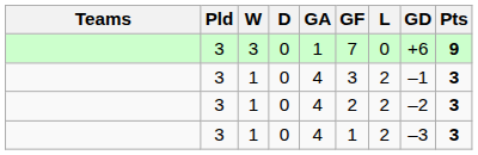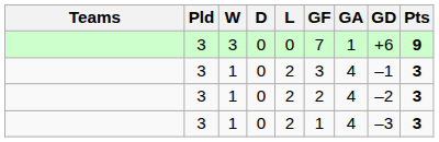 <table class="wikitable" style="text-align: center;">
 <tr>
 <th width=165>Teams</th>
 <th width=20>Pld</th>
 <th width=20>W</th>
 <th width=20>D</th>
+<th width=20>L</th>
+<th width=20>GF</th>
 <th width=20>GA</th>
-<th width=20>GF</th>
-<th width=20>L</th>
 <th width=20>GD</th>
 <th width=20>Pts</th>
 </tr>
 <tr align=center style="background:#ccffcc;">
 <td style="text-align:left;"></td>
 <td>3</td>
 <td>3</td>
 <td>0</td>
+<td>0</td>
+<td>7</td>
 <td>1</td>
-<td>7</td>
-<td>0</td>
 <td>+6</td>
 <td><strong>9</strong></td>
 </tr>
 <tr align=center>
 <td style="text-align:left;"></td>
 <td>3</td>
 <td>1</td>
 <td>0</td>
+<td>2</td>
+<td>3</td>
 <td>4</td>
-<td>3</td>
-<td>2</td>
 <td>–1</td>
 <td><strong>3</strong></td>
 </tr>
 <tr align=center>
 <td style="text-align:left;"></td>
 <td>3</td>
 <td>1</td>
 <td>0</td>
-<td>4</td>
 <td>2</td>
 <td>2</td>
+<td>4</td>
 <td>–2</td>
 <td><strong>3</strong></td>
 </tr>
 <tr align=center>
 <td style="text-align:left;"></td>
 <td>3</td>
 <td>1</td>
 <td>0</td>
+<td>2</td>
+<td>1</td>
 <td>4</td>
-<td>1</td>
-<td>2</td>
 <td>–3</td>
 <td><strong>3</strong></td>
 </tr>
 </table>
